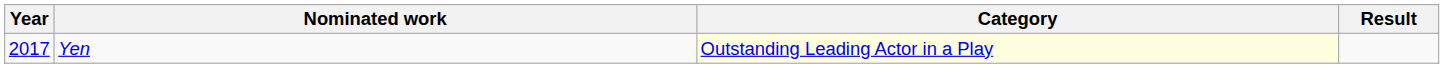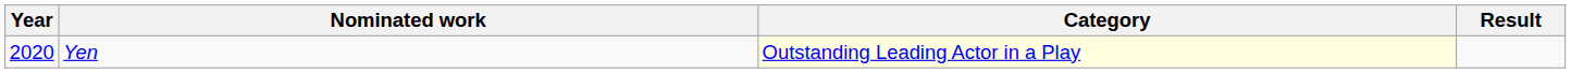 <table class="wikitable">
 <tr>
 <th scope="col" style="width:1em;">Year</th>
 <th scope="col" style="width:35em;">Nominated work</th>
 <th scope="col" style="width:35em;">Category</th>
 <th scope="col" style="width:5em;">Result</th>
 </tr>
 <tr>
-<td><a href='#'>2017</a></td>
+<td><a href='#'>2020</a></td>
 <td><em><a href='#'>Yen</a></em></td>
 <td style="background: lightyellow;"><a href='#'>Outstanding Leading Actor in a Play</a></td>
 <td></td>
 </tr>
 </table>
